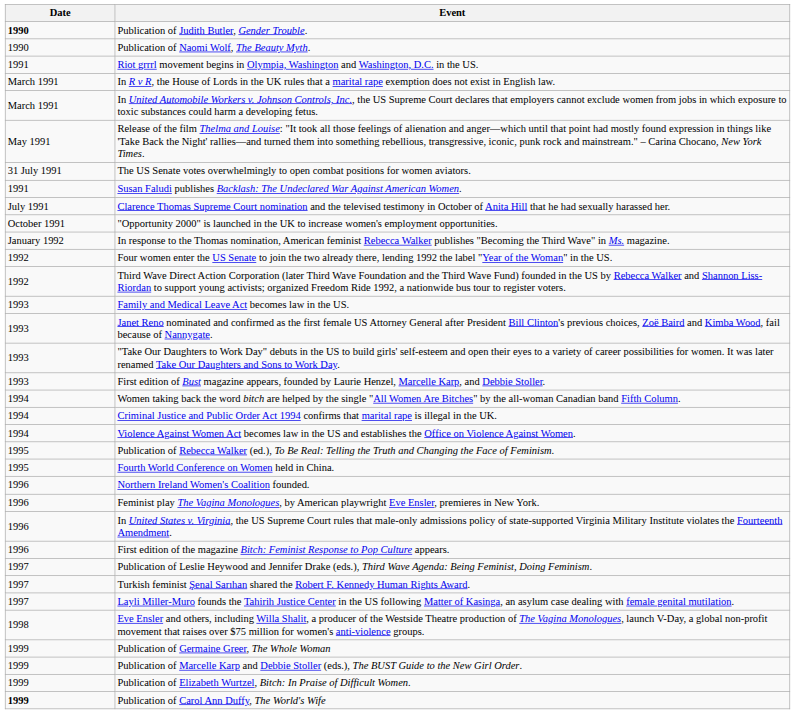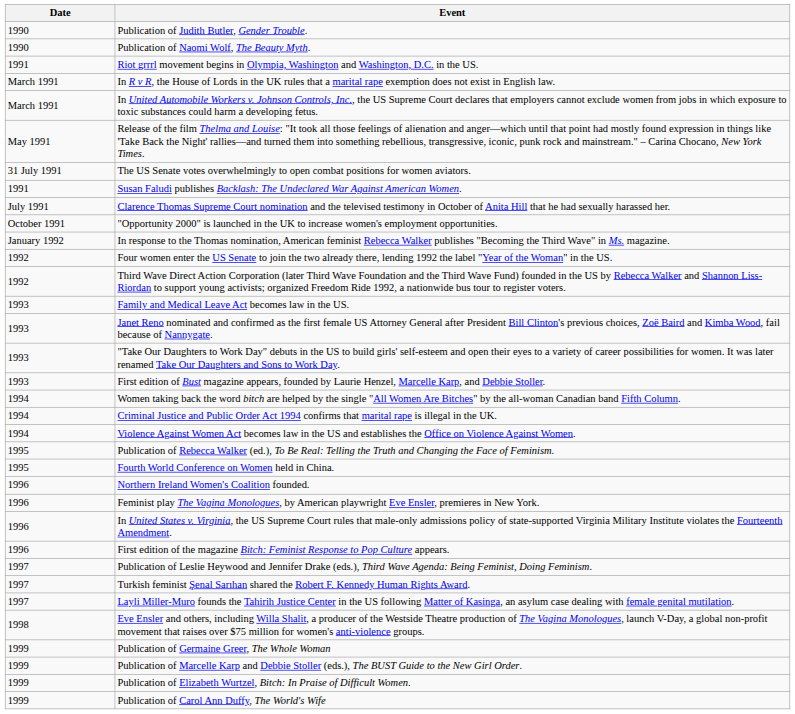 <table class="wikitable" style="font-size:95%; width: 90%; text-align:left; float:center; margin-left:10px;">
 <tr>
 <th scope="col" style="width:10em;">Date</th>
 <th>Event</th>
 </tr>
 <tr>
-<td><strong>1990</strong></td>
+<td>1990</td>
 <td>Publication of <a href='#'>Judith Butler</a>, <em><a href='#'>Gender Trouble</a></em>.</td>
 </tr>
 <tr>
 <td>1990</td>
 <td>Publication of <a href='#'>Naomi Wolf</a>, <em><a href='#'>The Beauty Myth</a></em>.</td>
 </tr>
 <tr>
 <td>1991</td>
 <td><a href='#'>Riot grrrl</a> movement begins in <a href='#'>Olympia, Washington</a> and <a href='#'>Washington, D.C.</a> in the US.</td>
 </tr>
 <tr>
 <td>March 1991</td>
 <td>In <em><a href='#'>R v R</a></em>, the House of Lords in the UK rules that a <a href='#'>marital rape</a> exemption does not exist in English law.</td>
 </tr>
 <tr>
 <td>March 1991</td>
 <td>In <em><a href='#'>United Automobile Workers v. Johnson Controls, Inc.</a></em>, the US Supreme Court declares that employers cannot exclude women from jobs in which exposure to toxic substances could harm a developing fetus.</td>
 </tr>
 <tr>
 <td>May 1991</td>
 <td>Release of the film <em><a href='#'>Thelma and Louise</a></em>: "It took all those feelings of alienation and anger—which until that point had mostly found expression in things like 'Take Back the Night' rallies—and turned them into something rebellious, transgressive, iconic, punk rock and mainstream." – Carina Chocano, <em>New York Times</em>.</td>
 </tr>
 <tr>
 <td>31 July 1991</td>
 <td>The US Senate votes overwhelmingly to open combat positions for women aviators.</td>
 </tr>
 <tr>
 <td>1991</td>
 <td><a href='#'>Susan Faludi</a> publishes <em><a href='#'>Backlash: The Undeclared War Against American Women</a></em>.</td>
 </tr>
 <tr>
 <td>July 1991</td>
 <td><a href='#'>Clarence Thomas Supreme Court nomination</a> and the televised testimony in October of <a href='#'>Anita Hill</a> that he had sexually harassed her.</td>
 </tr>
 <tr>
 <td>October 1991</td>
 <td>"Opportunity 2000" is launched in the UK to increase women's employment opportunities.</td>
 </tr>
 <tr>
 <td>January 1992</td>
 <td>In response to the Thomas nomination, American feminist <a href='#'>Rebecca Walker</a> publishes "Becoming the Third Wave" in <em><a href='#'>Ms.</a></em> magazine.</td>
 </tr>
 <tr>
 <td>1992</td>
 <td>Four women enter the <a href='#'>US Senate</a> to join the two already there, lending 1992 the label "<a href='#'>Year of the Woman</a>" in the US.</td>
 </tr>
 <tr>
 <td>1992</td>
 <td>Third Wave Direct Action Corporation (later Third Wave Foundation and the Third Wave Fund) founded in the US by <a href='#'>Rebecca Walker</a> and <a href='#'>Shannon Liss-Riordan</a> to support young activists; organized Freedom Ride 1992, a nationwide bus tour to register voters.</td>
 </tr>
 <tr>
 <td>1993</td>
 <td><a href='#'>Family and Medical Leave Act</a> becomes law in the US.</td>
 </tr>
 <tr>
 <td>1993</td>
 <td><a href='#'>Janet Reno</a> nominated and confirmed as the first female US Attorney General after President <a href='#'>Bill Clinton</a>'s previous choices, <a href='#'>Zoë Baird</a> and <a href='#'>Kimba Wood</a>, fail because of <a href='#'>Nannygate</a>.</td>
 </tr>
 <tr>
 <td>1993</td>
 <td>"Take Our Daughters to Work Day" debuts in the US to build girls' self-esteem and open their eyes to a variety of career possibilities for women. It was later renamed <a href='#'>Take Our Daughters and Sons to Work Day</a>.</td>
 </tr>
 <tr>
 <td>1993</td>
 <td>First edition of <em><a href='#'>Bust</a></em> magazine appears, founded by Laurie Henzel, <a href='#'>Marcelle Karp</a>, and <a href='#'>Debbie Stoller</a>.</td>
 </tr>
 <tr>
 <td>1994</td>
 <td>Women taking back the word <em>bitch</em> are helped by the single "<a href='#'>All Women Are Bitches</a>" by the all-woman Canadian band <a href='#'>Fifth Column</a>.</td>
 </tr>
 <tr>
 <td>1994</td>
 <td><a href='#'>Criminal Justice and Public Order Act 1994</a> confirms that <a href='#'>marital rape</a> is illegal in the UK.</td>
 </tr>
 <tr>
 <td>1994</td>
 <td><a href='#'>Violence Against Women Act</a> becomes law in the US and establishes the <a href='#'>Office on Violence Against Women</a>.</td>
 </tr>
 <tr>
 <td>1995</td>
 <td>Publication of <a href='#'>Rebecca Walker</a> (ed.), <em>To Be Real: Telling the Truth and Changing the Face of Feminism</em>.</td>
 </tr>
 <tr>
 <td>1995</td>
 <td><a href='#'>Fourth World Conference on Women</a> held in China.</td>
 </tr>
 <tr>
 <td>1996</td>
 <td><a href='#'>Northern Ireland Women's Coalition</a> founded.</td>
 </tr>
 <tr>
 <td>1996</td>
 <td>Feminist play <em><a href='#'>The Vagina Monologues</a></em>, by American playwright <a href='#'>Eve Ensler</a>, premieres in New York.</td>
 </tr>
 <tr>
 <td>1996</td>
 <td>In <em><a href='#'>United States v. Virginia</a></em>, the US Supreme Court rules that male-only admissions policy of state-supported Virginia Military Institute violates the <a href='#'>Fourteenth Amendment</a>.</td>
 </tr>
 <tr>
 <td>1996</td>
 <td>First edition of the magazine <em><a href='#'>Bitch: Feminist Response to Pop Culture</a></em> appears.</td>
 </tr>
 <tr>
 <td>1997</td>
 <td>Publication of Leslie Heywood and Jennifer Drake (eds.), <em>Third Wave Agenda: Being Feminist, Doing Feminism</em>.</td>
 </tr>
 <tr>
 <td>1997</td>
 <td>Turkish feminist <a href='#'>Şenal Sarıhan</a> shared the <a href='#'>Robert F. Kennedy Human Rights Award</a>.</td>
 </tr>
 <tr>
 <td>1997</td>
 <td><a href='#'>Layli Miller-Muro</a> founds the <a href='#'>Tahirih Justice Center</a> in the US following <a href='#'>Matter of Kasinga</a>, an asylum case dealing with <a href='#'>female genital mutilation</a>.</td>
 </tr>
 <tr>
 <td>1998</td>
 <td><a href='#'>Eve Ensler</a> and others, including <a href='#'>Willa Shalit</a>, a producer of the Westside Theatre production of <em><a href='#'>The Vagina Monologues</a></em>, launch V-Day, a global non-profit movement that raises over $75 million for women's <a href='#'>anti-violence</a> groups.</td>
 </tr>
 <tr>
 <td>1999</td>
 <td>Publication of <a href='#'>Germaine Greer</a>, <em>The Whole Woman</em></td>
 </tr>
 <tr>
 <td>1999</td>
 <td>Publication of <a href='#'>Marcelle Karp</a> and <a href='#'>Debbie Stoller</a> (eds.), <em>The BUST Guide to the New Girl Order</em>.</td>
 </tr>
 <tr>
 <td>1999</td>
 <td>Publication of <a href='#'>Elizabeth Wurtzel</a>, <em>Bitch: In Praise of Difficult Women</em>.</td>
 </tr>
 <tr>
-<td><strong>1999</strong></td>
+<td>1999</td>
 <td>Publication of <a href='#'>Carol Ann Duffy</a>, <em>The World's Wife</em></td>
 </tr>
 </table>
